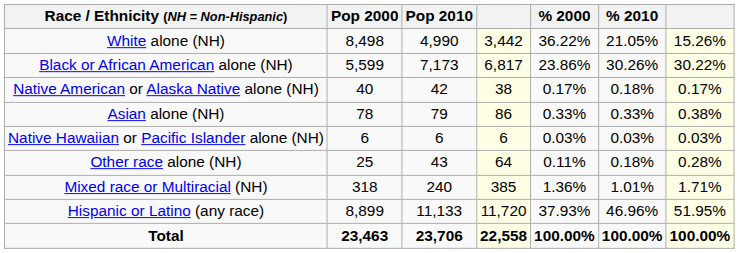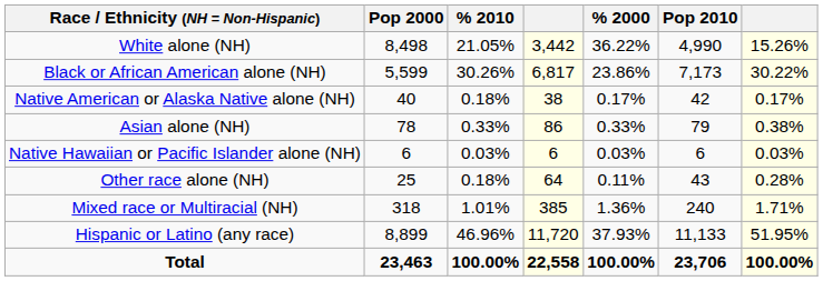 <table class="wikitable" style="text-align:center;">
 <tr>
 <th>Race / Ethnicity <small>(<em>NH = Non-Hispanic</em>)</small></th>
 <th>Pop 2000</th>
-<th>Pop 2010</th>
+<th>% 2010</th>
 <th></th>
 <th>% 2000</th>
-<th>% 2010</th>
+<th>Pop 2010</th>
 <th></th>
 </tr>
 <tr>
 <td><a href='#'>White</a> alone (NH)</td>
 <td>8,498</td>
-<td>4,990</td>
+<td>21.05%</td>
 <td style='background: #ffffe6;'>3,442</td>
 <td>36.22%</td>
-<td>21.05%</td>
+<td>4,990</td>
 <td style='background: #ffffe6;'>15.26%</td>
 </tr>
 <tr>
 <td><a href='#'>Black or African American</a> alone (NH)</td>
 <td>5,599</td>
-<td>7,173</td>
+<td>30.26%</td>
 <td style='background: #ffffe6;'>6,817</td>
 <td>23.86%</td>
-<td>30.26%</td>
+<td>7,173</td>
 <td style='background: #ffffe6;'>30.22%</td>
 </tr>
 <tr>
 <td><a href='#'>Native American</a> or <a href='#'>Alaska Native</a> alone (NH)</td>
 <td>40</td>
-<td>42</td>
+<td>0.18%</td>
 <td style='background: #ffffe6;'>38</td>
 <td>0.17%</td>
-<td>0.18%</td>
+<td>42</td>
 <td style='background: #ffffe6;'>0.17%</td>
 </tr>
 <tr>
 <td><a href='#'>Asian</a> alone (NH)</td>
 <td>78</td>
-<td>79</td>
+<td>0.33%</td>
 <td style='background: #ffffe6;'>86</td>
 <td>0.33%</td>
-<td>0.33%</td>
+<td>79</td>
 <td style='background: #ffffe6;'>0.38%</td>
 </tr>
 <tr>
 <td><a href='#'>Native Hawaiian</a> or <a href='#'>Pacific Islander</a> alone (NH)</td>
 <td>6</td>
-<td>6</td>
+<td>0.03%</td>
 <td style='background: #ffffe6;'>6</td>
 <td>0.03%</td>
-<td>0.03%</td>
+<td>6</td>
 <td style='background: #ffffe6;'>0.03%</td>
 </tr>
 <tr>
 <td><a href='#'>Other race</a> alone (NH)</td>
 <td>25</td>
-<td>43</td>
+<td>0.18%</td>
 <td style='background: #ffffe6;'>64</td>
 <td>0.11%</td>
-<td>0.18%</td>
+<td>43</td>
 <td style='background: #ffffe6;'>0.28%</td>
 </tr>
 <tr>
 <td><a href='#'>Mixed race or Multiracial</a> (NH)</td>
 <td>318</td>
-<td>240</td>
+<td>1.01%</td>
 <td style='background: #ffffe6;'>385</td>
 <td>1.36%</td>
-<td>1.01%</td>
+<td>240</td>
 <td style='background: #ffffe6;'>1.71%</td>
 </tr>
 <tr>
 <td><a href='#'>Hispanic or Latino</a> (any race)</td>
 <td>8,899</td>
-<td>11,133</td>
+<td>46.96%</td>
 <td style='background: #ffffe6;'>11,720</td>
 <td>37.93%</td>
-<td>46.96%</td>
+<td>11,133</td>
 <td style='background: #ffffe6;'>51.95%</td>
 </tr>
 <tr>
 <td><strong>Total</strong></td>
 <td><strong>23,463</strong></td>
-<td><strong>23,706</strong></td>
+<td><strong>100.00%</strong></td>
 <td style='background: #ffffe6;'><strong>22,558</strong></td>
 <td><strong>100.00%</strong></td>
-<td><strong>100.00%</strong></td>
+<td><strong>23,706</strong></td>
 <td style='background: #ffffe6;'><strong>100.00%</strong></td>
 </tr>
 </table>
